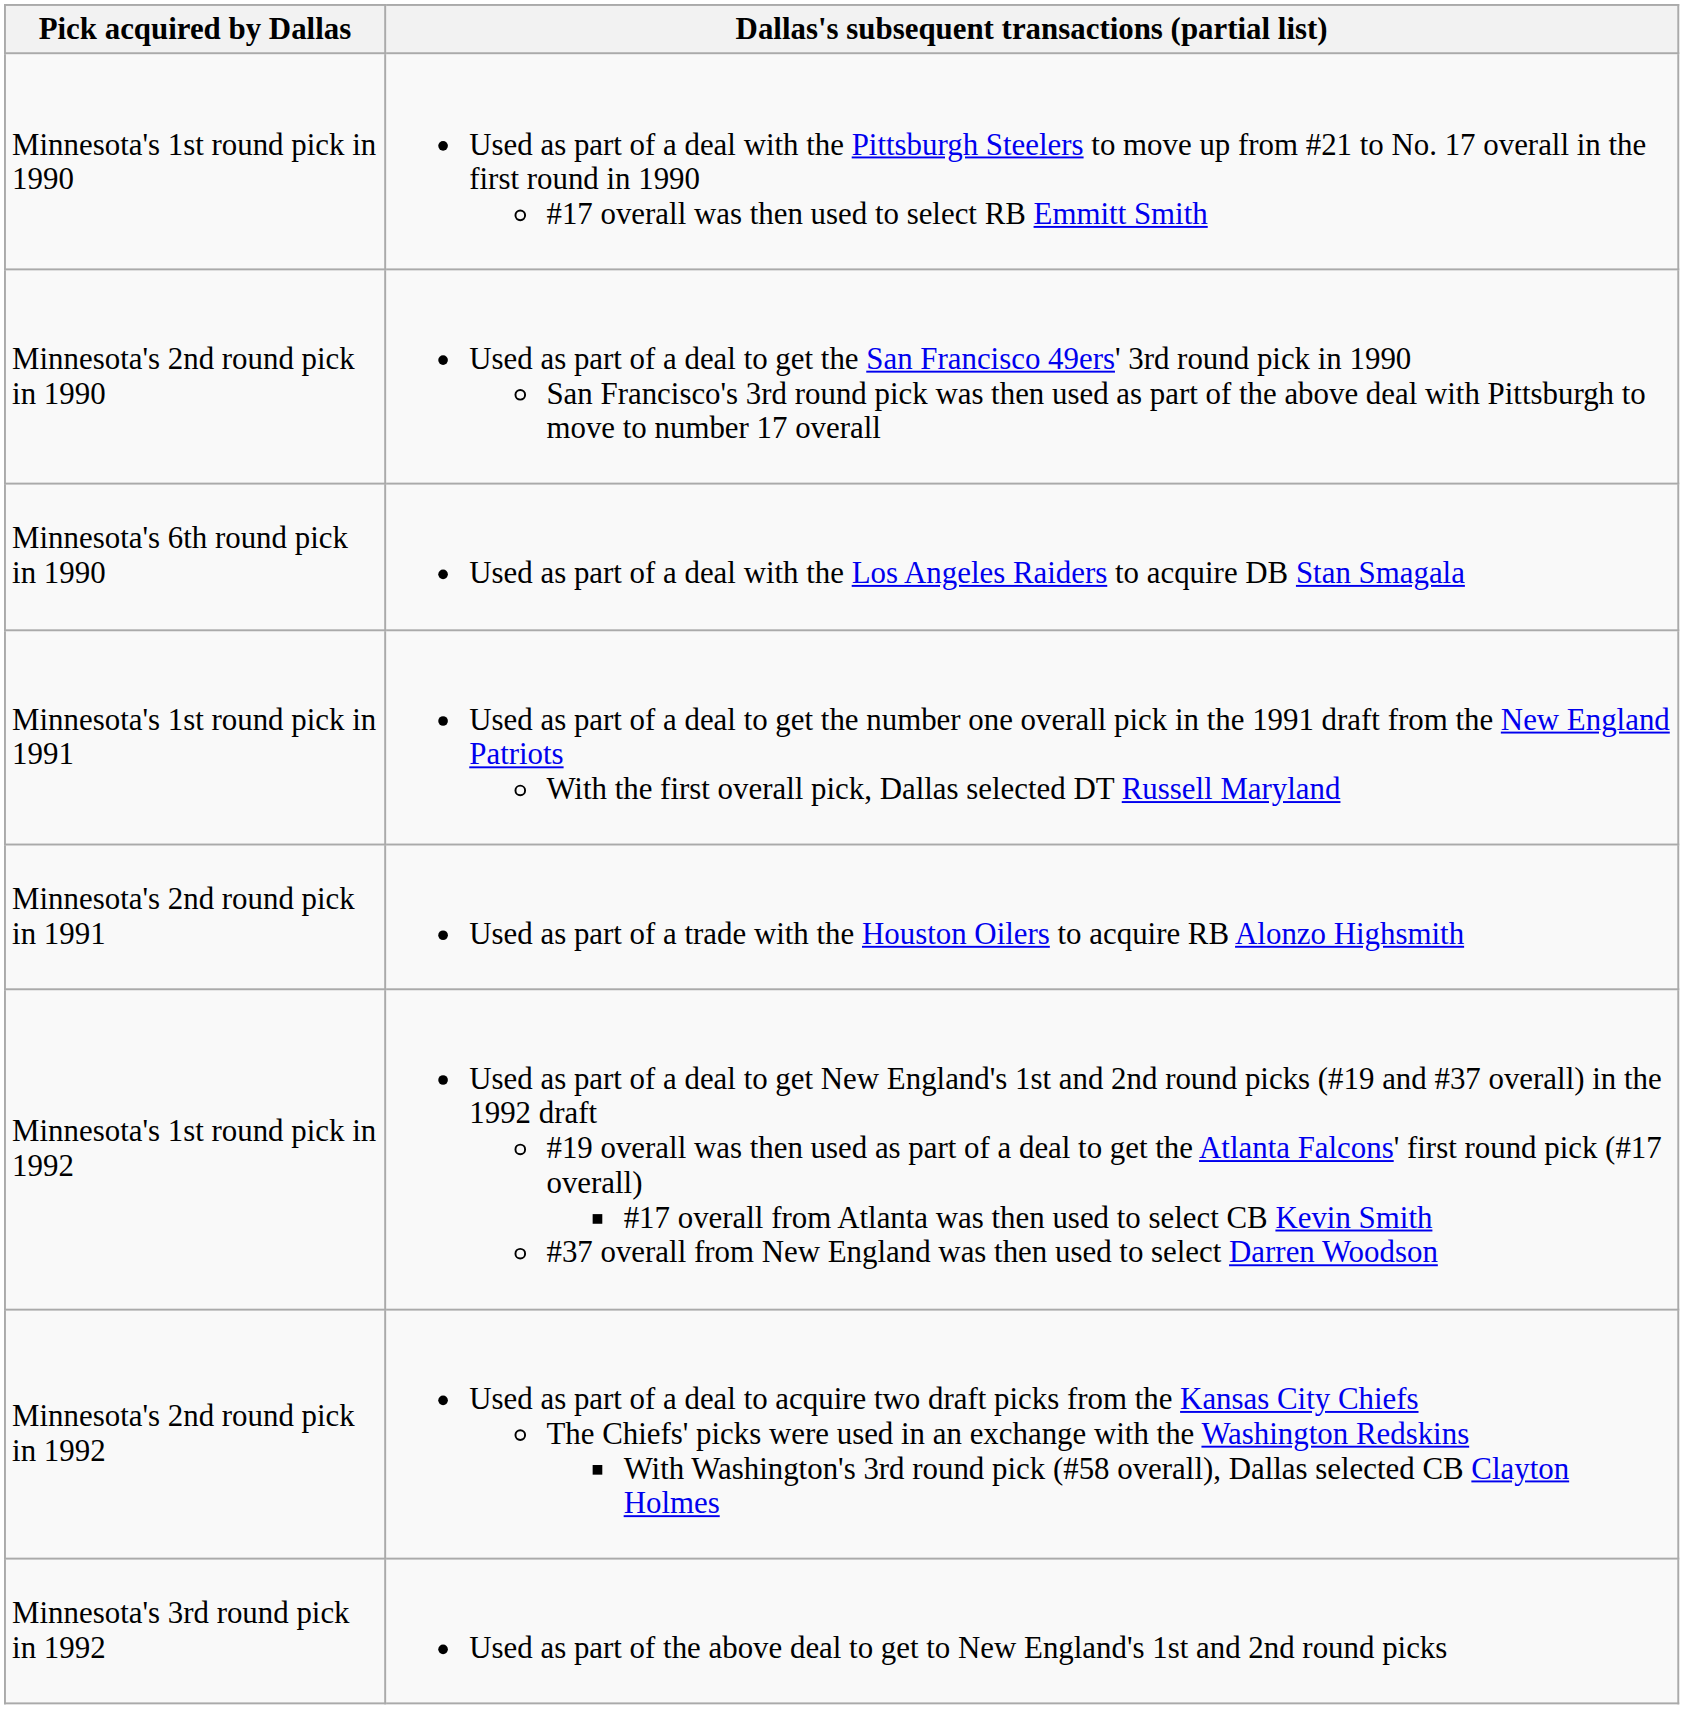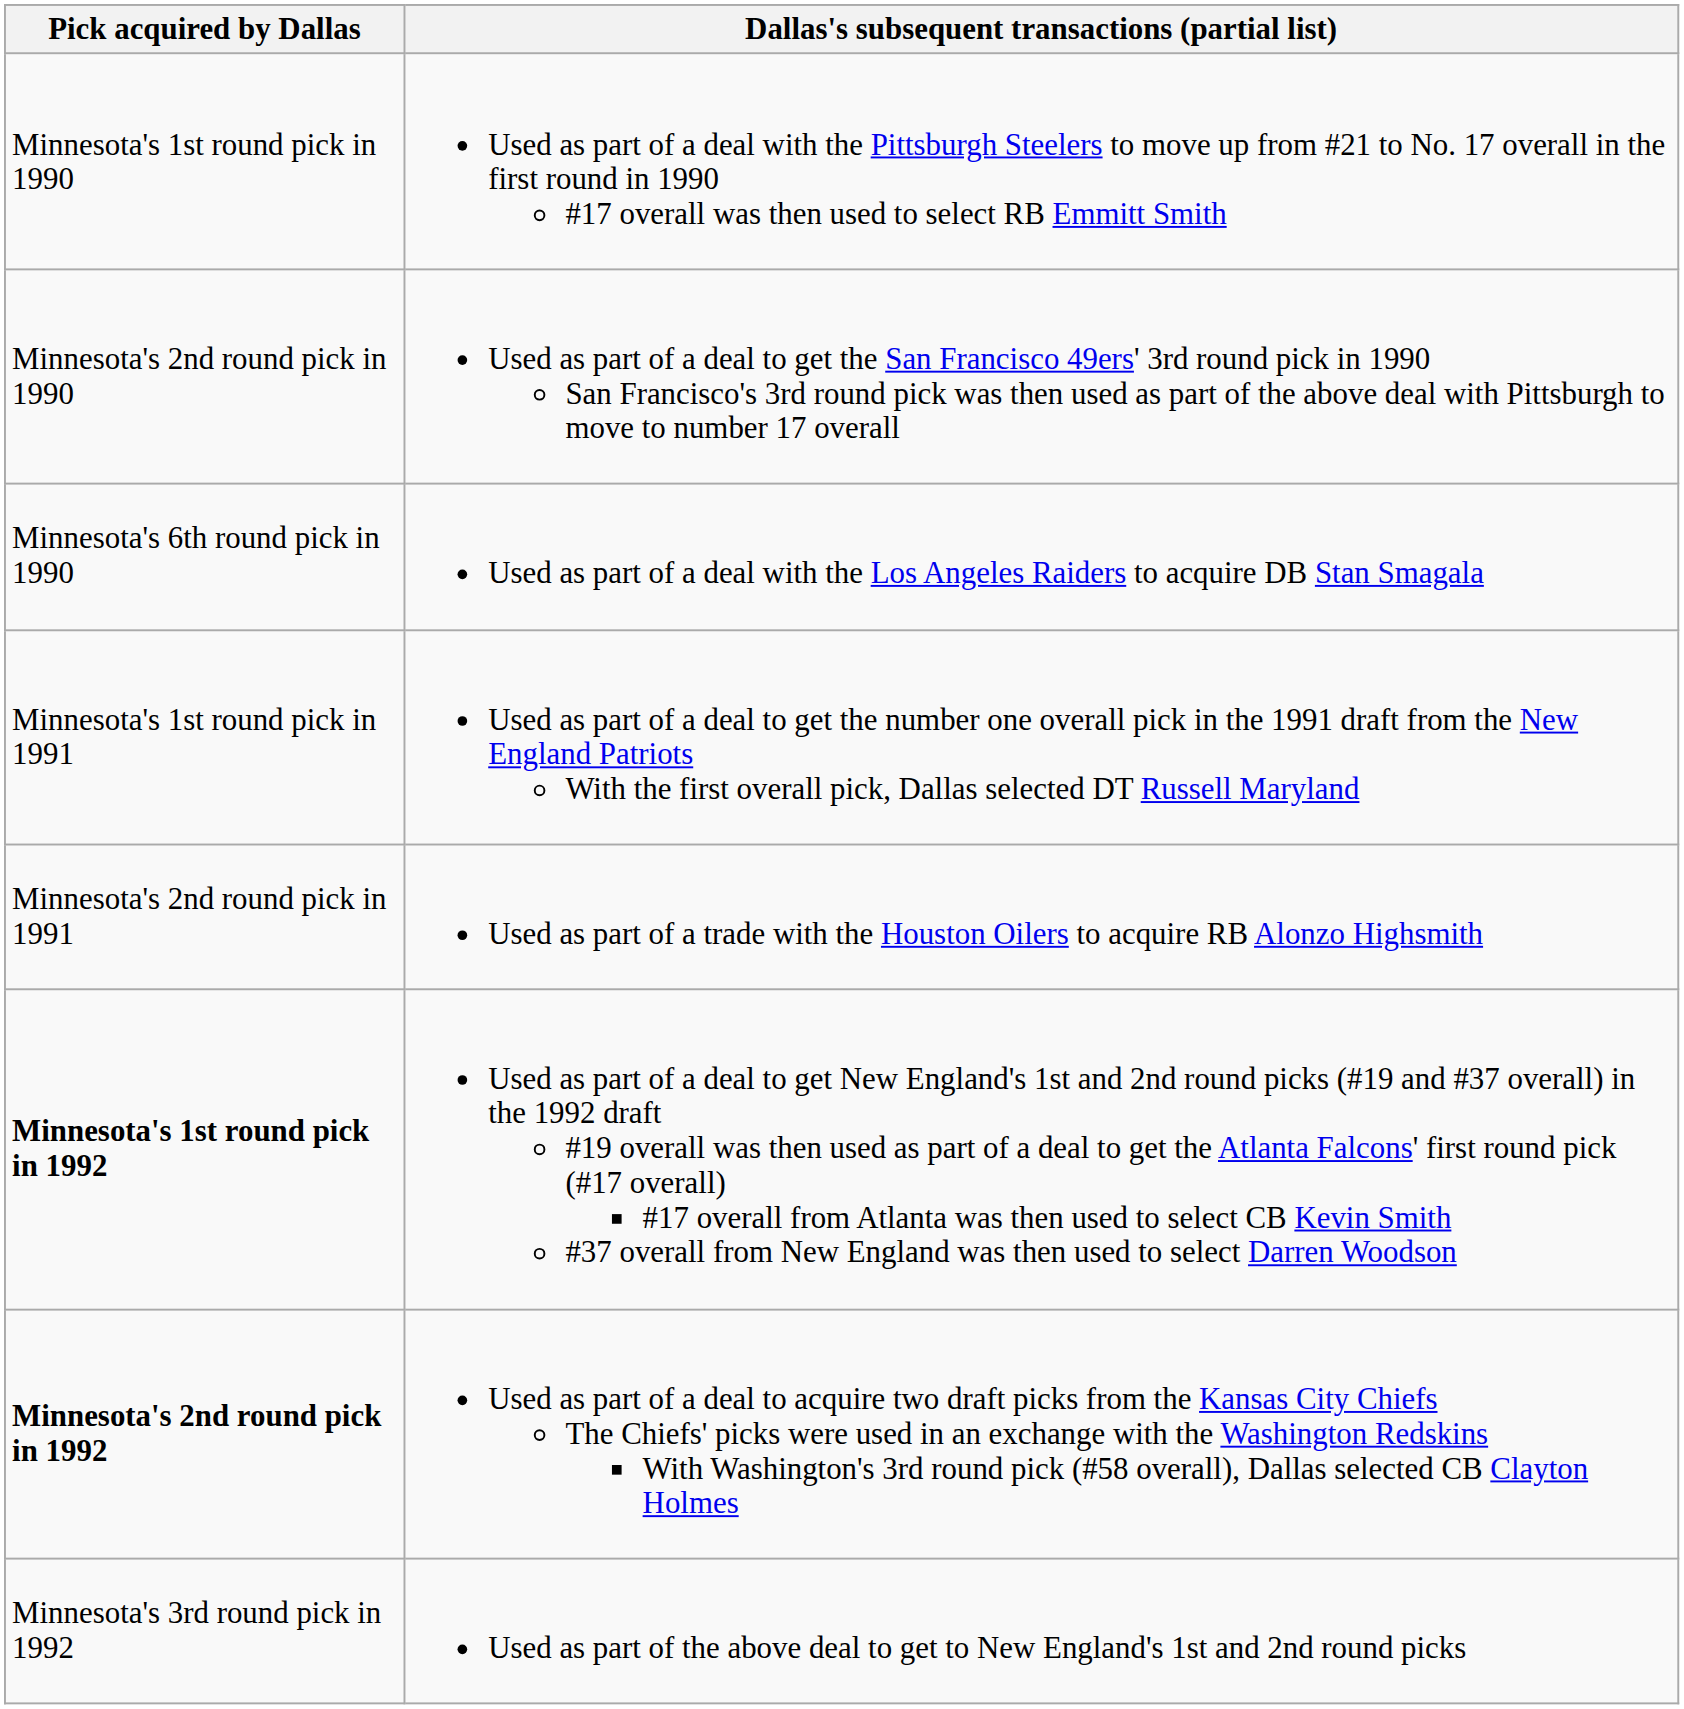 <table class="wikitable">
 <tr>
 <th>Pick acquired by Dallas</th>
 <th>Dallas's subsequent transactions (partial list)</th>
 </tr>
 <tr>
 <td>Minnesota's 1st round pick in 1990</td>
 <td valign="top"><br><ul><li>Used as part of a deal with the <a href='#'>Pittsburgh Steelers</a> to move up from #21 to No. 17 overall in the first round in 1990<ul><li>#17 overall was then used to select RB <a href='#'>Emmitt Smith</a></li></ul></li></ul></td>
 </tr>
 <tr>
 <td>Minnesota's 2nd round pick in 1990</td>
 <td valign="top"><br><ul><li>Used as part of a deal to get the <a href='#'>San Francisco 49ers</a>' 3rd round pick in 1990<ul><li>San Francisco's 3rd round pick was then used as part of the above deal with Pittsburgh to move to number 17 overall</li></ul></li></ul></td>
 </tr>
 <tr>
 <td>Minnesota's 6th round pick in 1990</td>
 <td valign="top"><br><ul><li>Used as part of a deal with the <a href='#'>Los Angeles Raiders</a> to acquire DB <a href='#'>Stan Smagala</a></li></ul></td>
 </tr>
 <tr>
 <td>Minnesota's 1st round pick in 1991</td>
 <td valign="top"><br><ul><li>Used as part of a deal to get the number one overall pick in the 1991 draft from the <a href='#'>New England Patriots</a><ul><li>With the first overall pick, Dallas selected DT <a href='#'>Russell Maryland</a></li></ul></li></ul></td>
 </tr>
 <tr>
 <td>Minnesota's 2nd round pick in 1991</td>
 <td valign="top"><br><ul><li>Used as part of a trade with the <a href='#'>Houston Oilers</a> to acquire RB <a href='#'>Alonzo Highsmith</a></li></ul></td>
 </tr>
 <tr>
-<td>Minnesota's 1st round pick in 1992</td>
+<td><strong>Minnesota's 1st round pick in 1992</strong></td>
 <td valign="top"><br><ul><li>Used as part of a deal to get New England's 1st and 2nd round picks (#19 and #37 overall) in the 1992 draft<ul><li>#19 overall was then used as part of a deal to get the <a href='#'>Atlanta Falcons</a>' first round pick (#17 overall)<ul><li>#17 overall from Atlanta was then used to select CB <a href='#'>Kevin Smith</a></li></ul></li><li>#37 overall from New England was then used to select <a href='#'>Darren Woodson</a></li></ul></li></ul></td>
 </tr>
 <tr>
-<td>Minnesota's 2nd round pick in 1992</td>
+<td><strong>Minnesota's 2nd round pick in 1992</strong></td>
 <td valign="top"><br><ul><li>Used as part of a deal to acquire two draft picks from the <a href='#'>Kansas City Chiefs</a><ul><li>The Chiefs' picks were used in an exchange with the <a href='#'>Washington Redskins</a><ul><li>With Washington's 3rd round pick (#58 overall), Dallas selected CB <a href='#'>Clayton Holmes</a></li></ul></li></ul></li></ul></td>
 </tr>
 <tr>
 <td>Minnesota's 3rd round pick in 1992</td>
 <td valign="top"><br><ul><li>Used as part of the above deal to get to New England's 1st and 2nd round picks</li></ul></td>
 </tr>
 </table>
